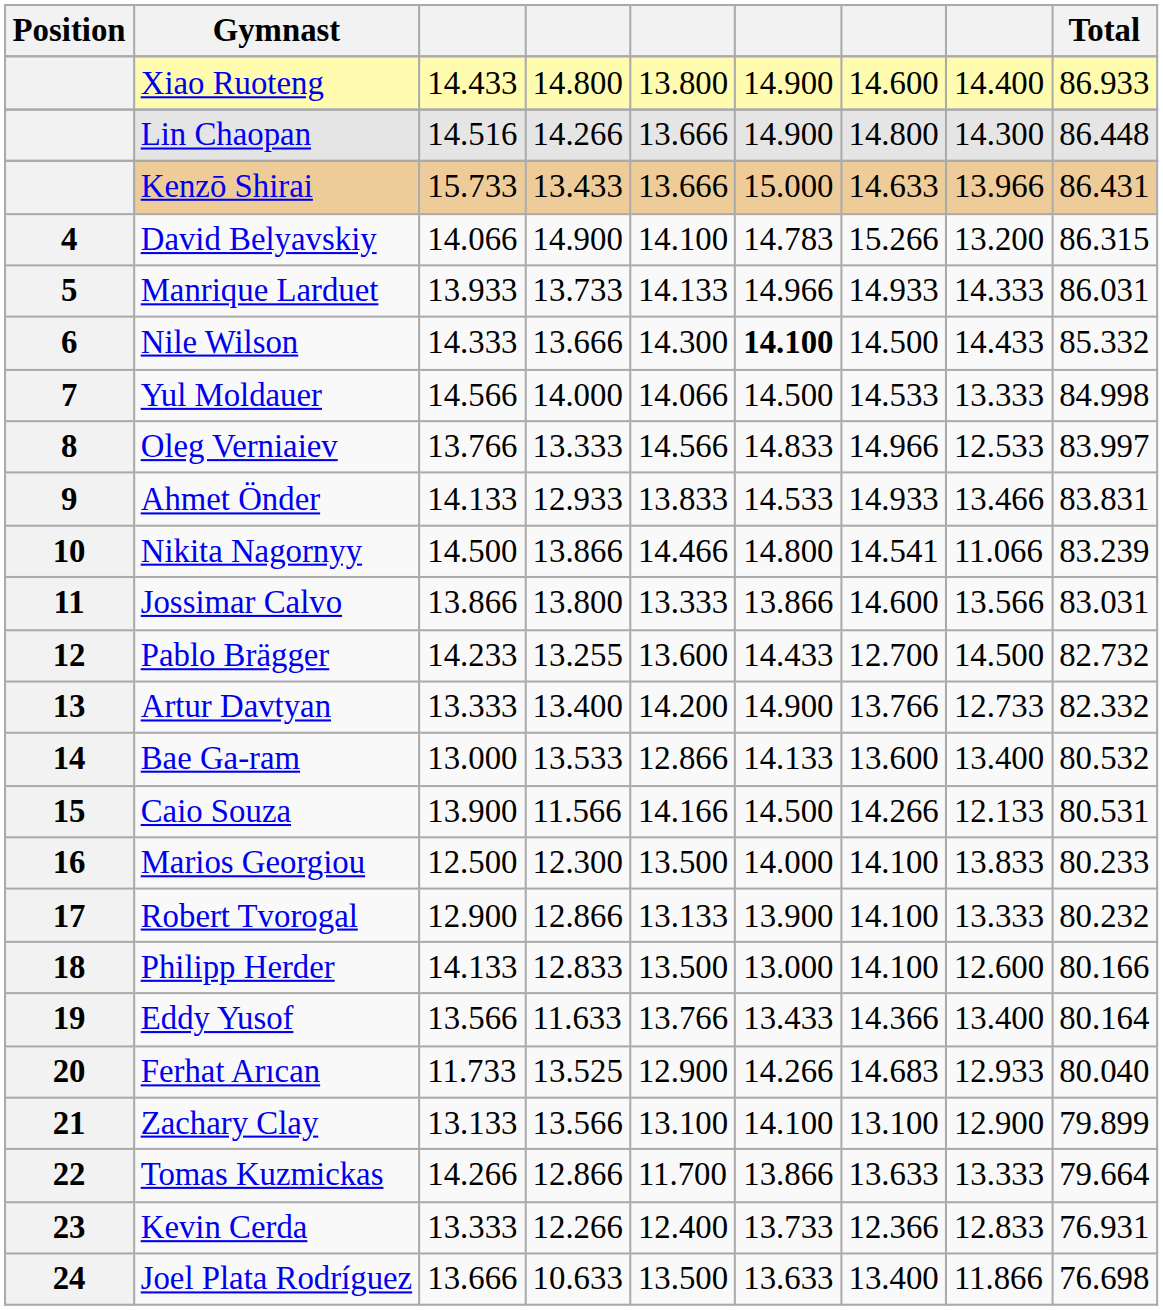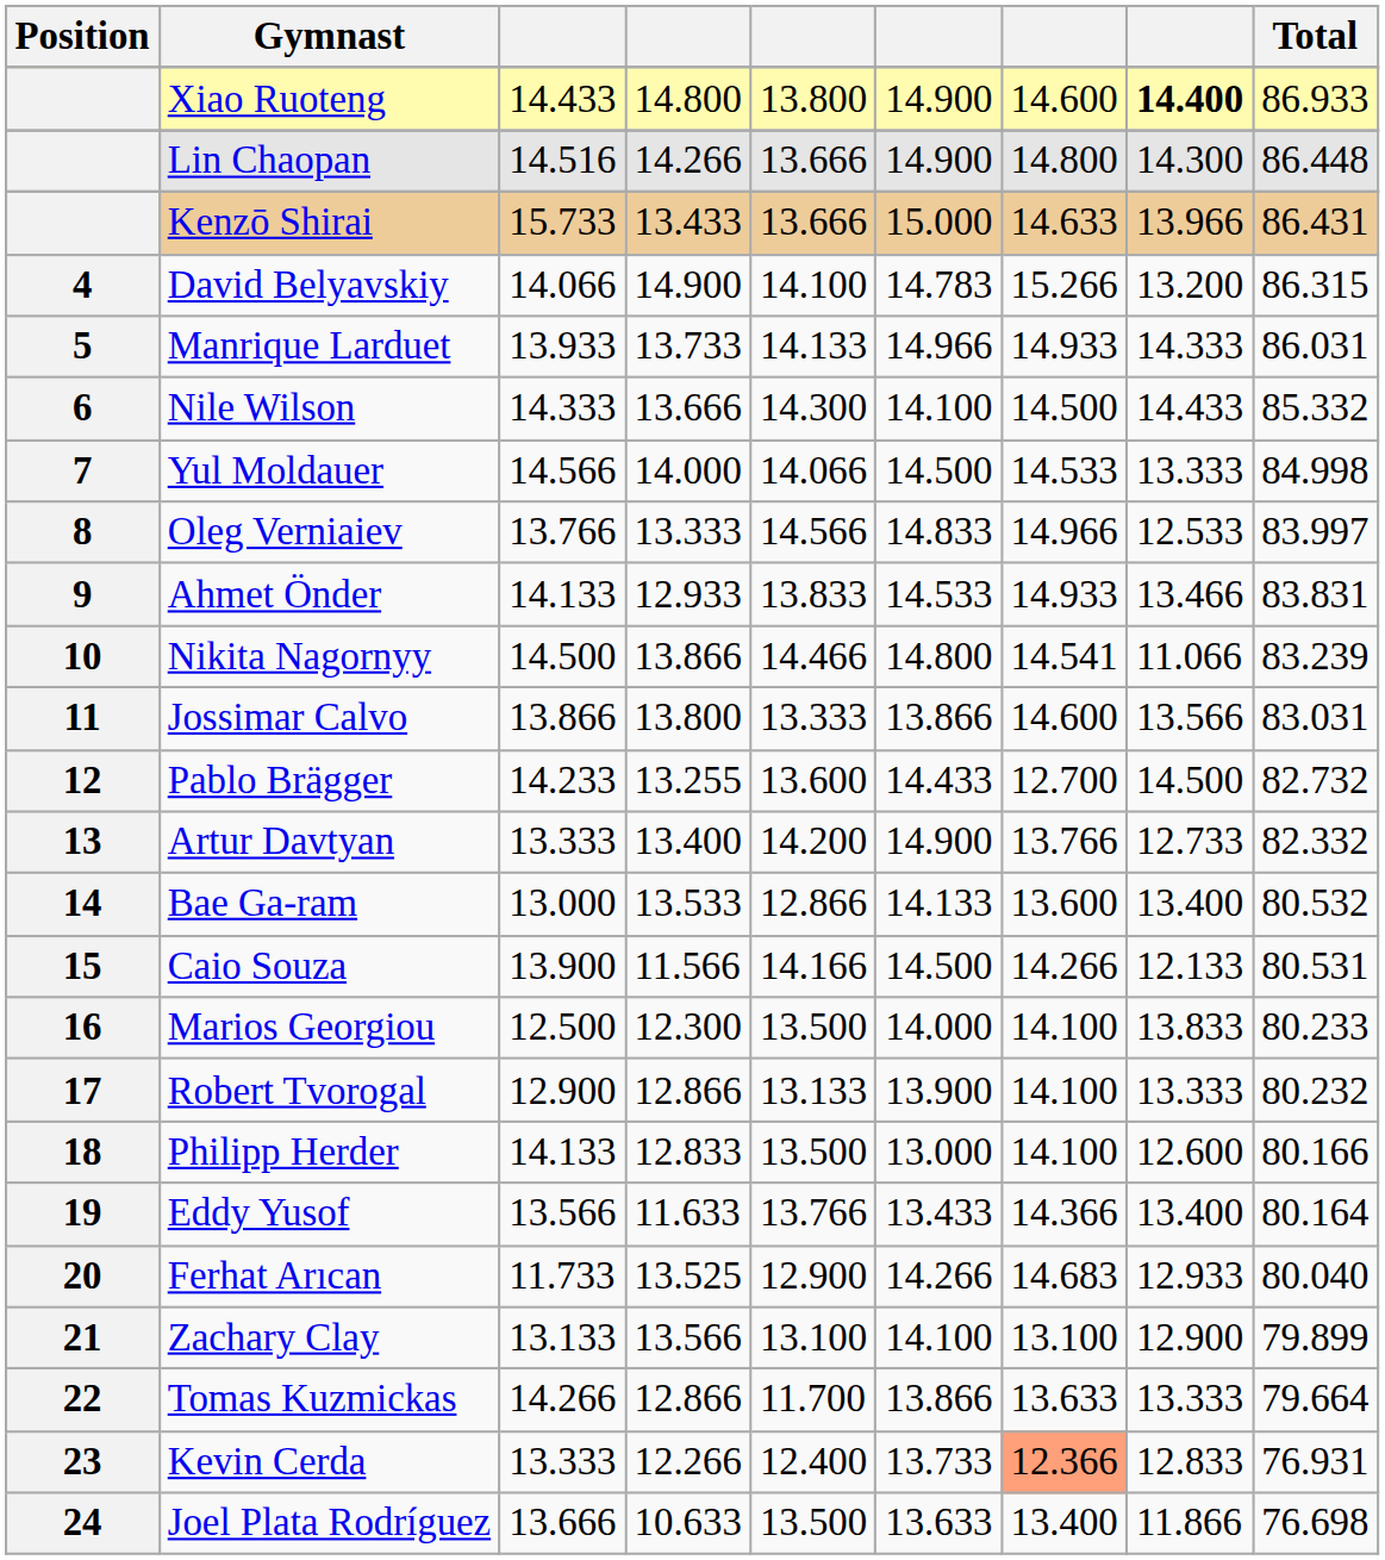 <table class="wikitable sortable">
 <tr>
 <th>Position</th>
 <th>Gymnast</th>
 <th></th>
 <th></th>
 <th></th>
 <th></th>
 <th></th>
 <th></th>
 <th>Total</th>
 </tr>
 <tr>
 </tr>
 <tr style="background:#fffcaf;">
 <th scope="row" style="text-align:center"></th>
 <td> <a href='#'>Xiao Ruoteng</a></td>
 <td>14.433</td>
 <td>14.800</td>
 <td>13.800</td>
 <td>14.900</td>
 <td>14.600</td>
-<td>14.400</td>
+<td><strong>14.400</strong></td>
 <td>86.933</td>
 </tr>
 <tr>
 </tr>
 <tr style="background:#e5e5e5;">
 <th scope="row" style="text-align:center"></th>
 <td> <a href='#'>Lin Chaopan</a></td>
 <td>14.516</td>
 <td>14.266</td>
 <td>13.666</td>
 <td>14.900</td>
 <td>14.800</td>
 <td>14.300</td>
 <td>86.448</td>
 </tr>
 <tr>
 </tr>
 <tr style="background:#ec9;">
 <th scope="row" style="text-align:center"></th>
 <td> <a href='#'>Kenzō Shirai</a></td>
 <td>15.733</td>
 <td>13.433</td>
 <td>13.666</td>
 <td>15.000</td>
 <td>14.633</td>
 <td>13.966</td>
 <td>86.431</td>
 </tr>
 <tr>
 <th>4</th>
 <td> <a href='#'>David Belyavskiy</a></td>
 <td>14.066</td>
 <td>14.900</td>
 <td>14.100</td>
 <td>14.783</td>
 <td>15.266</td>
 <td>13.200</td>
 <td>86.315</td>
 </tr>
 <tr>
 <th>5</th>
 <td> <a href='#'>Manrique Larduet</a></td>
 <td>13.933</td>
 <td>13.733</td>
 <td>14.133</td>
 <td>14.966</td>
 <td>14.933</td>
 <td>14.333</td>
 <td>86.031</td>
 </tr>
 <tr>
 <th>6</th>
 <td> <a href='#'>Nile Wilson</a></td>
 <td>14.333</td>
 <td>13.666</td>
 <td>14.300</td>
-<td><strong>14.100</strong></td>
+<td>14.100</td>
 <td>14.500</td>
 <td>14.433</td>
 <td>85.332</td>
 </tr>
 <tr>
 <th>7</th>
 <td> <a href='#'>Yul Moldauer</a></td>
 <td>14.566</td>
 <td>14.000</td>
 <td>14.066</td>
 <td>14.500</td>
 <td>14.533</td>
 <td>13.333</td>
 <td>84.998</td>
 </tr>
 <tr>
 <th>8</th>
 <td> <a href='#'>Oleg Verniaiev</a></td>
 <td>13.766</td>
 <td>13.333</td>
 <td>14.566</td>
 <td>14.833</td>
 <td>14.966</td>
 <td>12.533</td>
 <td>83.997</td>
 </tr>
 <tr>
 <th>9</th>
 <td> <a href='#'>Ahmet Önder</a></td>
 <td>14.133</td>
 <td>12.933</td>
 <td>13.833</td>
 <td>14.533</td>
 <td>14.933</td>
 <td>13.466</td>
 <td>83.831</td>
 </tr>
 <tr>
 <th>10</th>
 <td> <a href='#'>Nikita Nagornyy</a></td>
 <td>14.500</td>
 <td>13.866</td>
 <td>14.466</td>
 <td>14.800</td>
 <td>14.541</td>
 <td>11.066</td>
 <td>83.239</td>
 </tr>
 <tr>
 <th>11</th>
 <td> <a href='#'>Jossimar Calvo</a></td>
 <td>13.866</td>
 <td>13.800</td>
 <td>13.333</td>
 <td>13.866</td>
 <td>14.600</td>
 <td>13.566</td>
 <td>83.031</td>
 </tr>
 <tr>
 <th>12</th>
 <td> <a href='#'>Pablo Brägger</a></td>
 <td>14.233</td>
 <td>13.255</td>
 <td>13.600</td>
 <td>14.433</td>
 <td>12.700</td>
 <td>14.500</td>
 <td>82.732</td>
 </tr>
 <tr>
 <th>13</th>
 <td> <a href='#'>Artur Davtyan</a></td>
 <td>13.333</td>
 <td>13.400</td>
 <td>14.200</td>
 <td>14.900</td>
 <td>13.766</td>
 <td>12.733</td>
 <td>82.332</td>
 </tr>
 <tr>
 <th>14</th>
 <td> <a href='#'>Bae Ga-ram</a></td>
 <td>13.000</td>
 <td>13.533</td>
 <td>12.866</td>
 <td>14.133</td>
 <td>13.600</td>
 <td>13.400</td>
 <td>80.532</td>
 </tr>
 <tr>
 <th>15</th>
 <td> <a href='#'>Caio Souza</a></td>
 <td>13.900</td>
 <td>11.566</td>
 <td>14.166</td>
 <td>14.500</td>
 <td>14.266</td>
 <td>12.133</td>
 <td>80.531</td>
 </tr>
 <tr>
 <th>16</th>
 <td> <a href='#'>Marios Georgiou</a></td>
 <td>12.500</td>
 <td>12.300</td>
 <td>13.500</td>
 <td>14.000</td>
 <td>14.100</td>
 <td>13.833</td>
 <td>80.233</td>
 </tr>
 <tr>
 <th>17</th>
 <td> <a href='#'>Robert Tvorogal</a></td>
 <td>12.900</td>
 <td>12.866</td>
 <td>13.133</td>
 <td>13.900</td>
 <td>14.100</td>
 <td>13.333</td>
 <td>80.232</td>
 </tr>
 <tr>
 <th>18</th>
 <td> <a href='#'>Philipp Herder</a></td>
 <td>14.133</td>
 <td>12.833</td>
 <td>13.500</td>
 <td>13.000</td>
 <td>14.100</td>
 <td>12.600</td>
 <td>80.166</td>
 </tr>
 <tr>
 <th>19</th>
 <td> <a href='#'>Eddy Yusof</a></td>
 <td>13.566</td>
 <td>11.633</td>
 <td>13.766</td>
 <td>13.433</td>
 <td>14.366</td>
 <td>13.400</td>
 <td>80.164</td>
 </tr>
 <tr>
 <th>20</th>
 <td> <a href='#'>Ferhat Arıcan</a></td>
 <td>11.733</td>
 <td>13.525</td>
 <td>12.900</td>
 <td>14.266</td>
 <td>14.683</td>
 <td>12.933</td>
 <td>80.040</td>
 </tr>
 <tr>
 <th>21</th>
 <td> <a href='#'>Zachary Clay</a></td>
 <td>13.133</td>
 <td>13.566</td>
 <td>13.100</td>
 <td>14.100</td>
 <td>13.100</td>
 <td>12.900</td>
 <td>79.899</td>
 </tr>
 <tr>
 <th>22</th>
 <td> <a href='#'>Tomas Kuzmickas</a></td>
 <td>14.266</td>
 <td>12.866</td>
 <td>11.700</td>
 <td>13.866</td>
 <td>13.633</td>
 <td>13.333</td>
 <td>79.664</td>
 </tr>
 <tr>
 <th>23</th>
 <td> <a href='#'>Kevin Cerda</a></td>
 <td>13.333</td>
 <td>12.266</td>
 <td>12.400</td>
 <td>13.733</td>
-<td>12.366</td>
+<td style="background: lightsalmon;">12.366</td>
 <td>12.833</td>
 <td>76.931</td>
 </tr>
 <tr>
 <th>24</th>
 <td> <a href='#'>Joel Plata Rodríguez</a></td>
 <td>13.666</td>
 <td>10.633</td>
 <td>13.500</td>
 <td>13.633</td>
 <td>13.400</td>
 <td>11.866</td>
 <td>76.698</td>
 </tr>
 </table>
